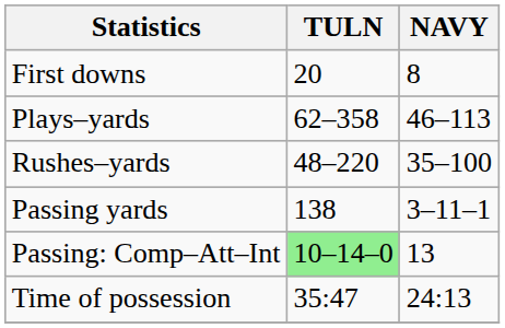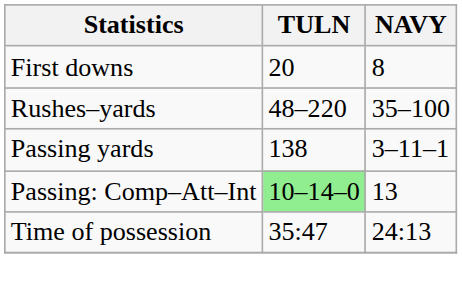 <table class="wikitable" style="float: left;">
 <tr>
 <th>Statistics</th>
 <th>TULN</th>
 <th>NAVY</th>
 </tr>
 <tr>
 <td>First downs</td>
 <td>20</td>
 <td>8</td>
-</tr>
-<tr>
-<td>Plays–yards</td>
-<td>62–358</td>
-<td>46–113</td>
 </tr>
 <tr>
 <td>Rushes–yards</td>
 <td>48–220</td>
 <td>35–100</td>
 </tr>
 <tr>
 <td>Passing yards</td>
 <td>138</td>
 <td>3–11–1</td>
 </tr>
 <tr>
 <td>Passing: Comp–Att–Int</td>
 <td style="background: lightgreen;">10–14–0</td>
 <td>13</td>
 </tr>
 <tr>
 <td>Time of possession</td>
 <td>35:47</td>
 <td>24:13</td>
 </tr>
 <tr>
 </tr>
 </table>
